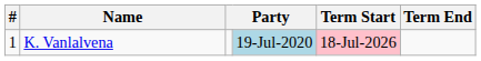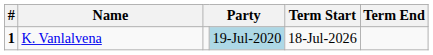 <table class="wikitable sortable">
 <tr>
 <th>#</th>
 <th style="width:200px">Name</th>
 <th colspan="2">Party</th>
 <th>Term Start</th>
 <th>Term End</th>
 </tr>
 <tr>
-<td>1</td>
+<td><strong>1</strong></td>
 <td><a href='#'>K. Vanlalvena</a></td>
 <td></td>
 <td style="background: lightblue;">19-Jul-2020</td>
-<td style="background: pink;">18-Jul-2026</td>
+<td>18-Jul-2026</td>
 </tr>
 </table>
